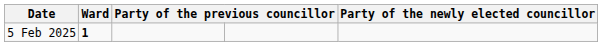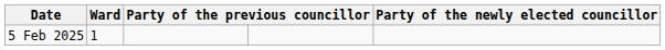 <table class="wikitable">
 <tr>
 <th>Date</th>
 <th>Ward</th>
 <th colspan=2>Party of the previous councillor</th>
 <th colspan=2>Party of the newly elected councillor</th>
 </tr>
 <tr>
 <td>5 Feb 2025</td>
-<td><strong>1</strong></td>
+<td>1</td>
 <td></td>
 <td></td>
 </tr>
 </table>
